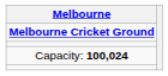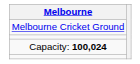 <table class="wikitable" style="margin:1em auto; text-align:center">
 <tr>
 <th><a href='#'>Melbourne</a></th>
 <th rowspan="5"><br></th>
 </tr>
 <tr>
-<td><strong><a href='#'>Melbourne Cricket Ground</a></strong></td>
+<td><a href='#'>Melbourne Cricket Ground</a></td>
 </tr>
 <tr>
 <td><small></small></td>
 </tr>
 <tr>
 <td>Capacity: <strong>100,024</strong></td>
 </tr>
 <tr>
 <td></td>
 </tr>
 </table>
